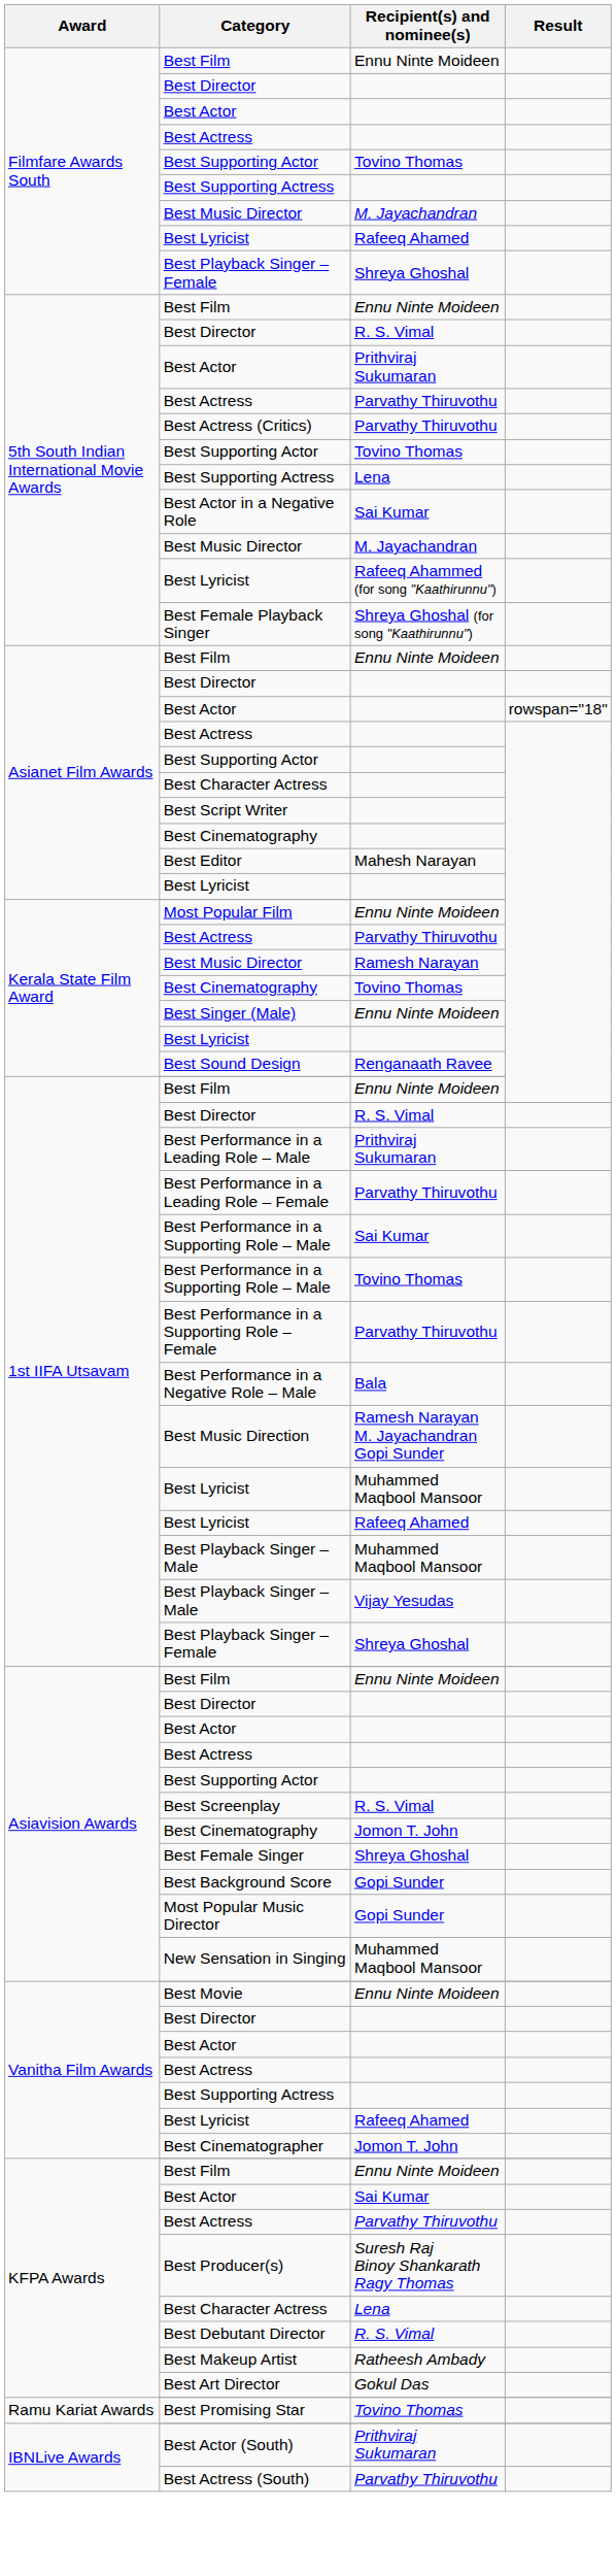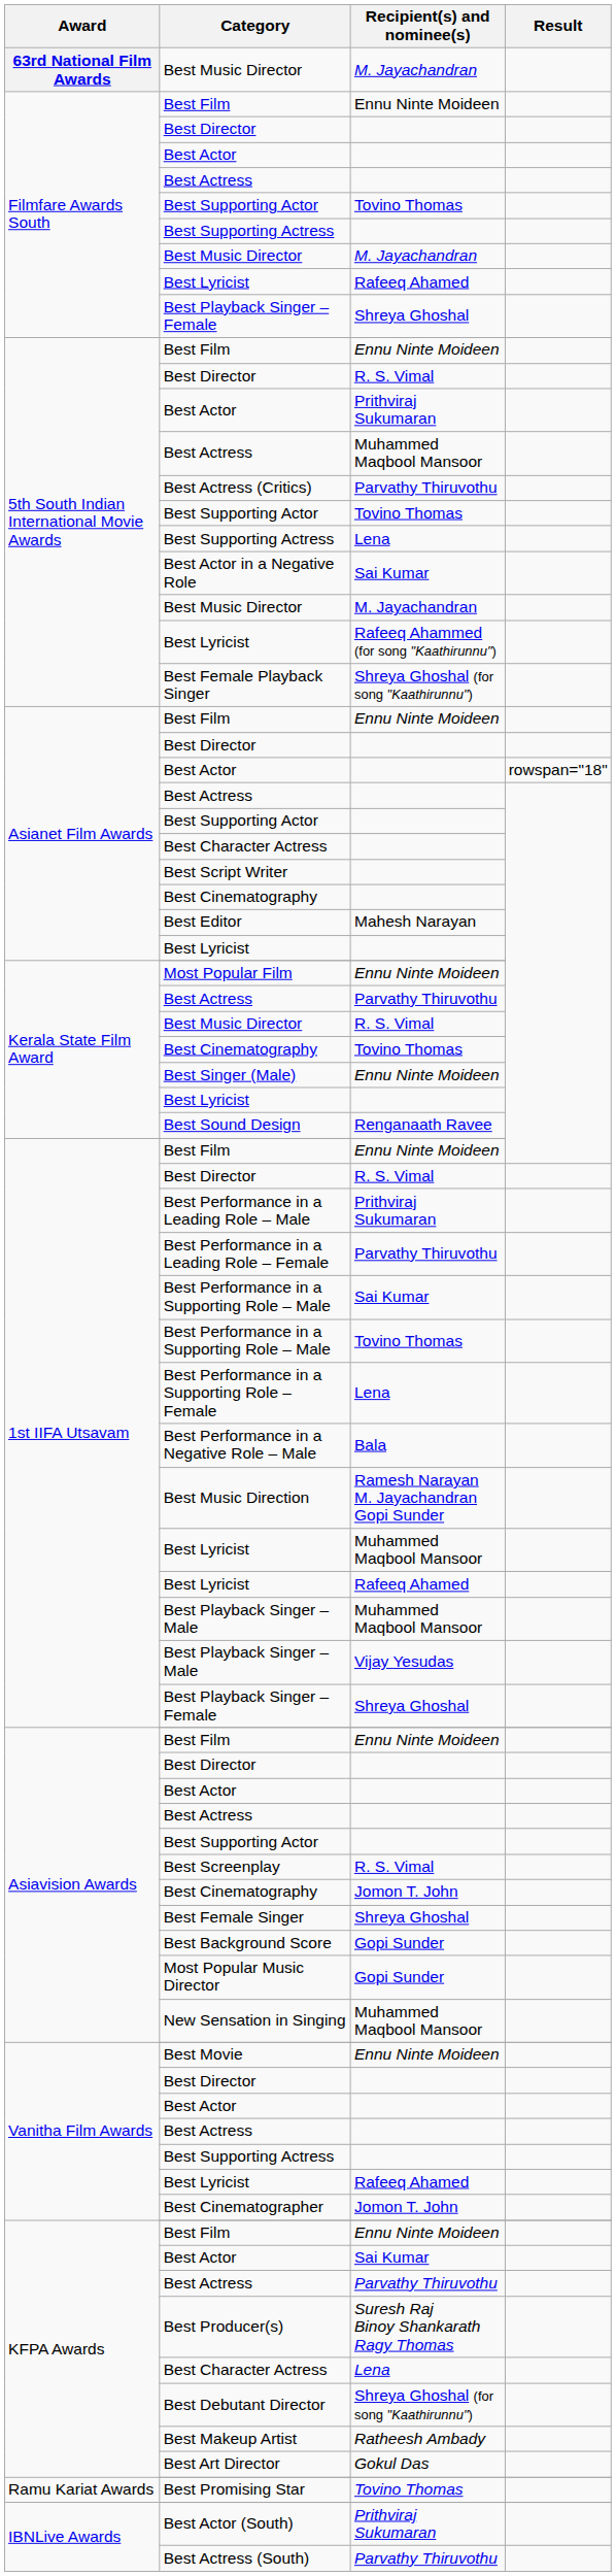 <table class="wikitable plainrowheaders sortable">
 <tr>
 <th scope="col">Award</th>
 <th scope="col">Category</th>
 <th scope="col">Recipient(s) and nominee(s)</th>
 <th scope="col">Result</th>
+</tr>
+<tr>
+<th scope="row"><a href='#'>63rd National Film Awards</a></th>
+<td>Best Music Director</td>
+<td><em><a href='#'>M. Jayachandran</a></em></td>
+<td></td>
 </tr>
 <tr>
 <td rowspan="9"><a href='#'>Filmfare Awards South</a></td>
 <td><a href='#'>Best Film</a></td>
 <td>Ennu Ninte Moideen</td>
 <td></td>
 </tr>
 <tr>
 <td><a href='#'>Best Director</a></td>
 <td></td>
 <td></td>
 </tr>
 <tr>
 <td><a href='#'>Best Actor</a></td>
 <td></td>
 <td></td>
 </tr>
 <tr>
 <td><a href='#'>Best Actress</a></td>
 <td></td>
 <td></td>
 </tr>
 <tr>
 <td><a href='#'>Best Supporting Actor</a></td>
 <td><a href='#'>Tovino Thomas</a></td>
 <td></td>
 </tr>
 <tr>
 <td><a href='#'>Best Supporting Actress</a></td>
 <td></td>
 <td></td>
 </tr>
 <tr>
 <td><a href='#'>Best Music Director</a></td>
 <td><em><a href='#'>M. Jayachandran</a></em></td>
 <td></td>
 </tr>
 <tr>
 <td><a href='#'>Best Lyricist</a></td>
 <td><a href='#'>Rafeeq Ahamed</a></td>
 <td></td>
 </tr>
 <tr>
 <td><a href='#'>Best Playback Singer – Female</a></td>
 <td><a href='#'>Shreya Ghoshal</a></td>
 <td></td>
 </tr>
 <tr>
 <td rowspan="11"><a href='#'>5th South Indian International Movie Awards</a></td>
 <td>Best Film</td>
 <td><em>Ennu Ninte Moideen</em></td>
 <td></td>
 </tr>
 <tr>
 <td>Best Director</td>
 <td><a href='#'>R. S. Vimal</a></td>
 <td></td>
 </tr>
 <tr>
 <td>Best Actor</td>
 <td><a href='#'>Prithviraj Sukumaran</a></td>
 <td></td>
 </tr>
 <tr>
 <td>Best Actress</td>
-<td><a href='#'>Parvathy Thiruvothu</a></td>
+<td>Muhammed Maqbool Mansoor</td>
 <td></td>
 </tr>
 <tr>
 <td>Best Actress (Critics)</td>
 <td><a href='#'>Parvathy Thiruvothu</a></td>
 <td></td>
 </tr>
 <tr>
 <td>Best Supporting Actor</td>
 <td><a href='#'>Tovino Thomas</a></td>
 <td></td>
 </tr>
 <tr>
 <td>Best Supporting Actress</td>
 <td><a href='#'>Lena</a></td>
 <td></td>
 </tr>
 <tr>
 <td>Best Actor in a Negative Role</td>
 <td><a href='#'>Sai Kumar</a></td>
 <td></td>
 </tr>
 <tr>
 <td>Best Music Director</td>
 <td><a href='#'>M. Jayachandran</a></td>
 <td></td>
 </tr>
 <tr>
 <td>Best Lyricist</td>
 <td><a href='#'>Rafeeq Ahammed</a> <small>(for song <em>"Kaathirunnu"</em>)</small></td>
 <td></td>
 </tr>
 <tr>
 <td>Best Female Playback Singer</td>
 <td><a href='#'>Shreya Ghoshal</a> <small>(for song <em>"Kaathirunnu"</em>)</small></td>
 <td></td>
 </tr>
 <tr>
 <td rowspan="10"><a href='#'>Asianet Film Awards</a></td>
 <td>Best Film</td>
 <td><em>Ennu Ninte Moideen</em></td>
 <td></td>
 </tr>
 <tr>
 <td>Best Director</td>
 <td></td>
 <td></td>
 </tr>
 <tr>
 <td>Best Actor</td>
 <td></td>
 <td>rowspan="18" </td>
 </tr>
 <tr>
 <td>Best Actress</td>
 <td></td>
 </tr>
 <tr>
 <td>Best Supporting Actor</td>
 <td></td>
 </tr>
 <tr>
 <td>Best Character Actress</td>
 <td></td>
 </tr>
 <tr>
 <td>Best Script Writer</td>
 <td></td>
 </tr>
 <tr>
 <td>Best Cinematography</td>
 <td></td>
 </tr>
 <tr>
 <td>Best Editor</td>
 <td>Mahesh Narayan</td>
 </tr>
 <tr>
 <td>Best Lyricist</td>
 <td></td>
 </tr>
 <tr>
 <td rowspan="8"><a href='#'>Kerala State Film Award</a></td>
 </tr>
 <tr>
 <td><a href='#'>Most Popular Film</a></td>
 <td><em>Ennu Ninte Moideen</em></td>
 </tr>
 <tr>
 <td><a href='#'>Best Actress</a></td>
 <td><a href='#'>Parvathy Thiruvothu</a></td>
 </tr>
 <tr>
 <td><a href='#'>Best Music Director</a></td>
-<td><a href='#'>Ramesh Narayan</a></td>
+<td><a href='#'>R. S. Vimal</a></td>
 </tr>
 <tr>
 <td><a href='#'>Best Cinematography</a></td>
 <td><a href='#'>Tovino Thomas</a></td>
 </tr>
 <tr>
 <td><a href='#'>Best Singer (Male)</a></td>
 <td><em>Ennu Ninte Moideen</em></td>
 </tr>
 <tr>
 <td><a href='#'>Best Lyricist</a></td>
 <td></td>
 </tr>
 <tr>
 <td><a href='#'>Best Sound Design</a></td>
 <td><a href='#'>Renganaath Ravee</a></td>
 </tr>
 <tr>
 <td rowspan="15"><a href='#'>1st IIFA Utsavam</a></td>
 </tr>
 <tr>
 <td>Best Film</td>
 <td><em>Ennu Ninte Moideen</em></td>
 </tr>
 <tr>
 <td>Best Director</td>
 <td><a href='#'>R. S. Vimal</a></td>
 <td></td>
 </tr>
 <tr>
 <td>Best Performance in a Leading Role – Male</td>
 <td><a href='#'>Prithviraj Sukumaran</a></td>
 <td></td>
 </tr>
 <tr>
 <td>Best Performance in a Leading Role – Female</td>
 <td><a href='#'>Parvathy Thiruvothu</a></td>
 <td></td>
 </tr>
 <tr>
 <td>Best Performance in a Supporting Role – Male</td>
 <td><a href='#'>Sai Kumar</a></td>
 <td></td>
 </tr>
 <tr>
 <td>Best Performance in a Supporting Role – Male</td>
 <td><a href='#'>Tovino Thomas</a></td>
 <td></td>
 </tr>
 <tr>
 <td>Best Performance in a Supporting Role – Female</td>
-<td><a href='#'>Parvathy Thiruvothu</a></td>
+<td><a href='#'>Lena</a></td>
 <td></td>
 </tr>
 <tr>
 <td>Best Performance in a Negative Role – Male</td>
 <td><a href='#'>Bala</a></td>
 <td></td>
 </tr>
 <tr>
 <td>Best Music Direction</td>
 <td><a href='#'>Ramesh Narayan</a><br><a href='#'>M. Jayachandran</a><br><a href='#'>Gopi Sunder</a></td>
 <td></td>
 </tr>
 <tr>
 <td>Best Lyricist</td>
 <td>Muhammed Maqbool Mansoor</td>
 <td></td>
 </tr>
 <tr>
 <td>Best Lyricist</td>
 <td><a href='#'>Rafeeq Ahamed</a></td>
 <td></td>
 </tr>
 <tr>
 <td>Best Playback Singer – Male</td>
 <td>Muhammed Maqbool Mansoor</td>
 <td></td>
 </tr>
 <tr>
 <td>Best Playback Singer – Male</td>
 <td><a href='#'>Vijay Yesudas</a></td>
 <td></td>
 </tr>
 <tr>
 <td>Best Playback Singer – Female</td>
 <td><a href='#'>Shreya Ghoshal</a></td>
 <td></td>
 </tr>
 <tr>
 <td rowspan="12"><a href='#'>Asiavision Awards</a></td>
 </tr>
 <tr>
 <td>Best Film</td>
 <td><em>Ennu Ninte Moideen</em></td>
 <td></td>
 </tr>
 <tr>
 <td>Best Director</td>
 <td></td>
 <td></td>
 </tr>
 <tr>
 <td>Best Actor</td>
 <td></td>
 <td></td>
 </tr>
 <tr>
 <td>Best Actress</td>
 <td></td>
 <td></td>
 </tr>
 <tr>
 <td>Best Supporting Actor</td>
 <td></td>
 <td></td>
 </tr>
 <tr>
 <td>Best Screenplay</td>
 <td><a href='#'>R. S. Vimal</a></td>
 <td></td>
 </tr>
 <tr>
 <td>Best Cinematography</td>
 <td><a href='#'>Jomon T. John</a></td>
 <td></td>
 </tr>
 <tr>
 <td>Best Female Singer</td>
 <td><a href='#'>Shreya Ghoshal</a></td>
 <td></td>
 </tr>
 <tr>
 <td>Best Background Score</td>
 <td><a href='#'>Gopi Sunder</a></td>
 <td></td>
 </tr>
 <tr>
 <td>Most Popular Music Director</td>
 <td><a href='#'>Gopi Sunder</a></td>
 <td></td>
 </tr>
 <tr>
 <td>New Sensation in Singing</td>
 <td>Muhammed Maqbool Mansoor</td>
 <td></td>
 </tr>
 <tr>
 <td rowspan="8"><a href='#'>Vanitha Film Awards</a></td>
 </tr>
 <tr>
 <td>Best Movie</td>
 <td><em>Ennu Ninte Moideen</em></td>
 <td></td>
 </tr>
 <tr>
 <td>Best Director</td>
 <td></td>
 <td></td>
 </tr>
 <tr>
 <td>Best Actor</td>
 <td></td>
 <td></td>
 </tr>
 <tr>
 <td>Best Actress</td>
 <td></td>
 <td></td>
 </tr>
 <tr>
 <td>Best Supporting Actress</td>
 <td></td>
 <td></td>
 </tr>
 <tr>
 <td>Best Lyricist</td>
 <td><a href='#'>Rafeeq Ahamed</a></td>
 <td></td>
 </tr>
 <tr>
 <td>Best Cinematographer</td>
 <td><a href='#'>Jomon T. John</a></td>
 <td></td>
 </tr>
 <tr>
 <td rowspan="9">KFPA Awards</td>
 </tr>
 <tr>
 <td>Best Film</td>
 <td><em>Ennu Ninte Moideen</em></td>
 <td></td>
 </tr>
 <tr>
 <td>Best Actor</td>
 <td><a href='#'>Sai Kumar</a></td>
 <td></td>
 </tr>
 <tr>
 <td>Best Actress</td>
 <td><em><a href='#'>Parvathy Thiruvothu</a></em></td>
 <td></td>
 </tr>
 <tr>
 <td>Best Producer(s)</td>
 <td><em>Suresh Raj</em><br><em>Binoy Shankarath</em><br><em><a href='#'>Ragy Thomas</a></em></td>
 <td></td>
 </tr>
 <tr>
 <td>Best Character Actress</td>
 <td><em><a href='#'>Lena</a></em></td>
 <td></td>
 </tr>
 <tr>
 <td>Best Debutant Director</td>
-<td><em><a href='#'>R. S. Vimal</a></em></td>
+<td><a href='#'>Shreya Ghoshal</a> <small>(for song <em>"Kaathirunnu"</em>)</small></td>
 <td></td>
 </tr>
 <tr>
 <td>Best Makeup Artist</td>
 <td><em>Ratheesh Ambady</em></td>
 <td></td>
 </tr>
 <tr>
 <td>Best Art Director</td>
 <td><em>Gokul Das</em></td>
 <td></td>
 </tr>
 <tr>
 <td rowspan="2">Ramu Kariat Awards</td>
 </tr>
 <tr>
 <td>Best Promising Star</td>
 <td><em><a href='#'>Tovino Thomas</a></em></td>
 <td></td>
 </tr>
 <tr>
 <td rowspan="3"><a href='#'>IBNLive Awards</a></td>
 </tr>
 <tr>
 <td>Best Actor (South)</td>
 <td><em><a href='#'>Prithviraj Sukumaran</a></em></td>
 <td></td>
 </tr>
 <tr>
 <td>Best Actress (South)</td>
 <td><em><a href='#'>Parvathy Thiruvothu</a></em></td>
 <td></td>
 </tr>
 </table>
